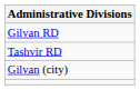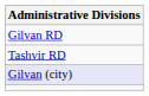 <table class="wikitable">
 <tr>
 <th>Administrative Divisions</th>
 </tr>
 <tr>
 <td><a href='#'>Gilvan RD</a></td>
 </tr>
 <tr>
 <td><a href='#'>Tashvir RD</a></td>
 </tr>
 <tr>
-<td><a href='#'>Gilvan</a> (city)</td>
+<td style="background: lavender;"><a href='#'>Gilvan</a> (city)</td>
 </tr>
 <tr>
 <td colspan=1></td>
 </tr>
 </table>
